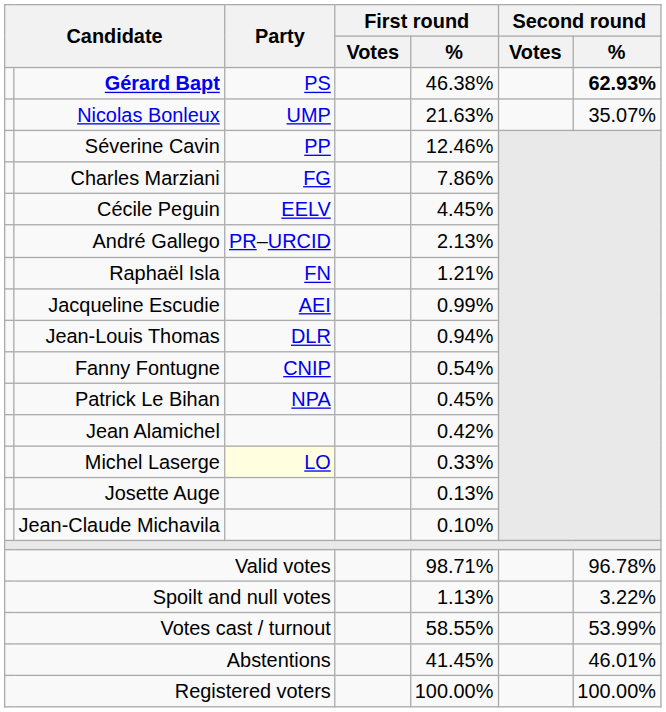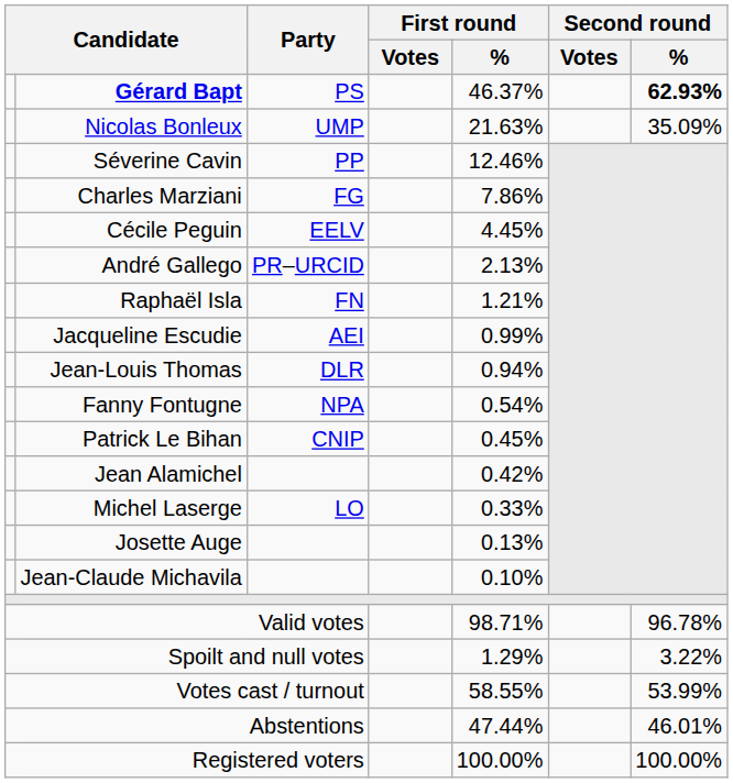 <table class="wikitable" style="text-align:right;font-size:95%;">
 <tr>
 <th rowspan=2 colspan=2>Candidate</th>
 <th rowspan=2 colspan=1>Party</th>
 <th colspan=2>First round</th>
 <th colspan=2>Second round</th>
 </tr>
 <tr>
 <th style="width:50px;">Votes</th>
 <th style="width:55px;">%</th>
 <th style="width:50px;">Votes</th>
 <th style="width:55px;">%</th>
 </tr>
 <tr>
 <td style="color:inherit;background-color:"></td>
 <td><strong><a href='#'>Gérard Bapt</a></strong></td>
 <td><a href='#'>PS</a></td>
 <td></td>
-<td>46.38%</td>
+<td>46.37%</td>
 <td><strong></strong></td>
 <td><strong>62.93%</strong></td>
 </tr>
 <tr>
 <td style="color:inherit;background-color:"></td>
 <td><a href='#'>Nicolas Bonleux</a></td>
 <td><a href='#'>UMP</a></td>
 <td></td>
 <td>21.63%</td>
 <td></td>
-<td>35.07%</td>
+<td>35.09%</td>
 </tr>
 <tr>
 <td style="color:inherit;background-color:"></td>
 <td>Séverine Cavin</td>
 <td><a href='#'>PP</a></td>
 <td></td>
 <td>12.46%</td>
 <td colspan=7 rowspan=13 style="background-color:#E9E9E9;"></td>
 </tr>
 <tr>
 <td style="color:inherit;background-color:"></td>
 <td>Charles Marziani</td>
 <td><a href='#'>FG</a></td>
 <td></td>
 <td>7.86%</td>
 </tr>
 <tr>
 <td style="color:inherit;background-color:"></td>
 <td>Cécile Peguin</td>
 <td><a href='#'>EELV</a></td>
 <td></td>
 <td>4.45%</td>
 </tr>
 <tr>
 <td style="color:inherit;background-color:"></td>
 <td>André Gallego</td>
 <td><a href='#'>PR</a>–<a href='#'>URCID</a></td>
 <td></td>
 <td>2.13%</td>
 </tr>
 <tr>
 <td style="color:inherit;background-color:"></td>
 <td>Raphaël Isla</td>
 <td><a href='#'>FN</a></td>
 <td></td>
 <td>1.21%</td>
 </tr>
 <tr>
 <td style="color:inherit;background-color:"></td>
 <td>Jacqueline Escudie</td>
 <td><a href='#'>AEI</a></td>
 <td></td>
 <td>0.99%</td>
 </tr>
 <tr>
 <td style="color:inherit;background-color:"></td>
 <td>Jean-Louis Thomas</td>
 <td><a href='#'>DLR</a></td>
 <td></td>
 <td>0.94%</td>
 </tr>
 <tr>
 <td style="color:inherit;background-color:"></td>
 <td>Fanny Fontugne</td>
-<td><a href='#'>CNIP</a></td>
+<td><a href='#'>NPA</a></td>
 <td></td>
 <td>0.54%</td>
 </tr>
 <tr>
 <td style="color:inherit;background-color:"></td>
 <td>Patrick Le Bihan</td>
-<td><a href='#'>NPA</a></td>
+<td><a href='#'>CNIP</a></td>
 <td></td>
 <td>0.45%</td>
 </tr>
 <tr>
 <td style="background-color:;"></td>
 <td>Jean Alamichel</td>
 <td></td>
 <td></td>
 <td>0.42%</td>
 </tr>
 <tr>
 <td style="color:inherit;background-color:"></td>
 <td>Michel Laserge</td>
-<td style="background: lightyellow;"><a href='#'>LO</a></td>
+<td><a href='#'>LO</a></td>
 <td></td>
 <td>0.33%</td>
 </tr>
 <tr>
 <td style="background-color:;"></td>
 <td>Josette Auge</td>
 <td></td>
 <td></td>
 <td>0.13%</td>
 </tr>
 <tr>
 <td style="background-color:;"></td>
 <td>Jean-Claude Michavila</td>
 <td></td>
 <td></td>
 <td>0.10%</td>
 </tr>
 <tr>
 <td colspan=7 style="background-color:#E9E9E9;"></td>
 </tr>
 <tr>
 <td colspan=3>Valid votes</td>
 <td></td>
 <td>98.71%</td>
 <td></td>
 <td>96.78%</td>
 </tr>
 <tr>
 <td colspan=3>Spoilt and null votes</td>
 <td></td>
-<td>1.13%</td>
+<td>1.29%</td>
 <td></td>
 <td>3.22%</td>
 </tr>
 <tr>
 <td colspan=3>Votes cast / turnout</td>
 <td></td>
 <td>58.55%</td>
 <td></td>
 <td>53.99%</td>
 </tr>
 <tr>
 <td colspan=3>Abstentions</td>
 <td></td>
-<td>41.45%</td>
+<td>47.44%</td>
 <td></td>
 <td>46.01%</td>
 </tr>
 <tr>
 <td colspan=3>Registered voters</td>
 <td></td>
 <td>100.00%</td>
 <td></td>
 <td>100.00%</td>
 </tr>
 </table>
